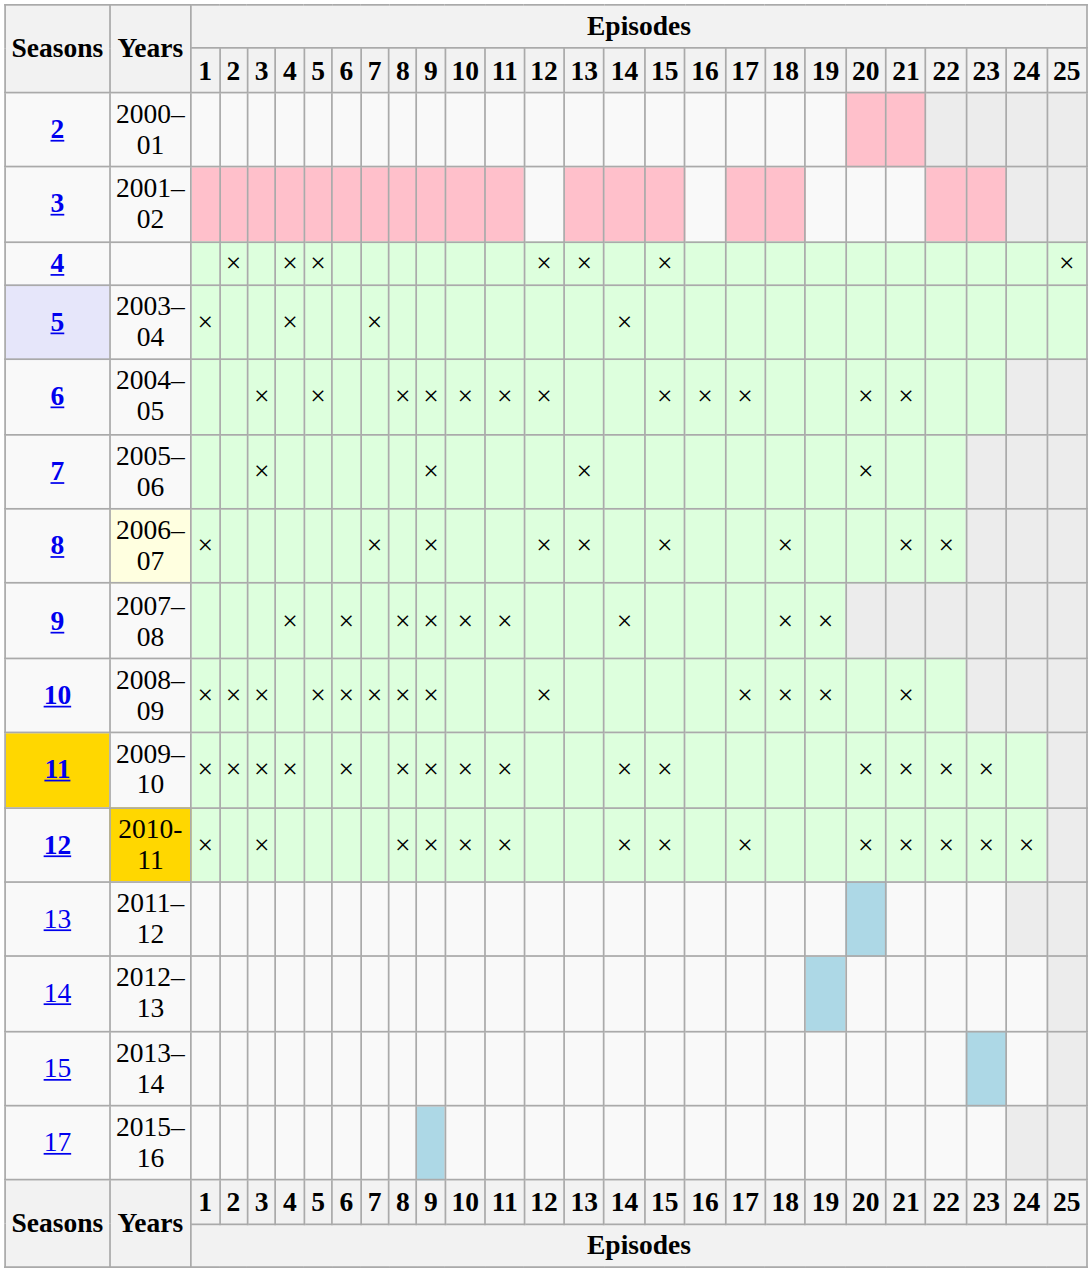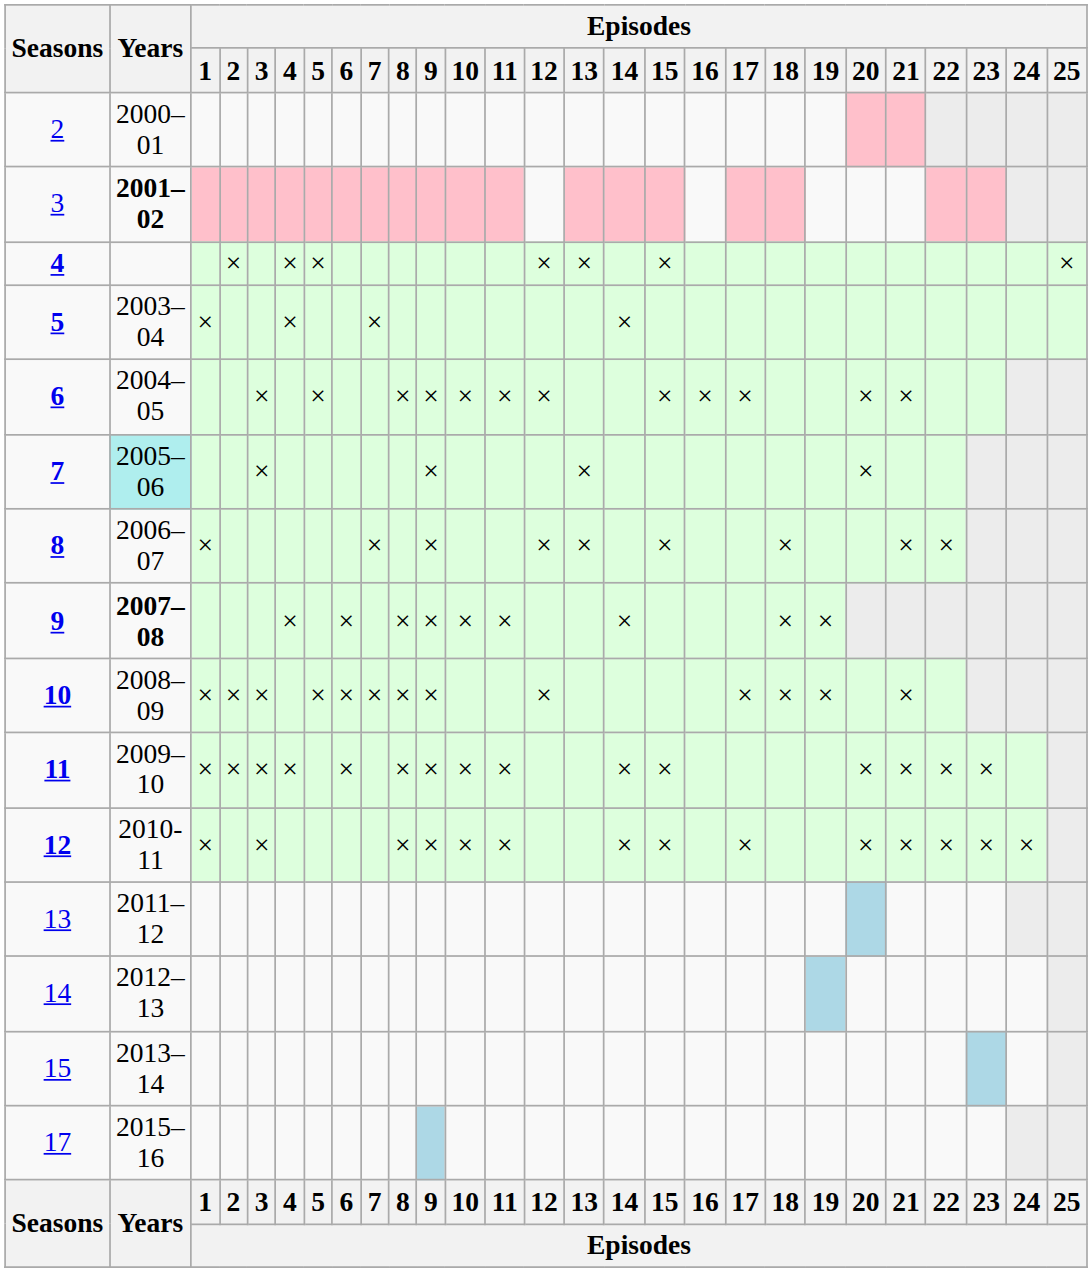 <table class="wikitable" style="text-align:center; margin:auto; width:5%;">
 <tr>
 <th colspan="1" rowspan="2" style="text-align:center;">Seasons</th>
 <th colspan="1" rowspan="2" style="text-align:center;">Years</th>
 <th colspan="25"  style="text-align:center;">Episodes</th>
 </tr>
 <tr>
 <th colspan="1" style="text-align:center;">1</th>
 <th colspan="1" style="text-align:center;">2</th>
 <th colspan="1" style="text-align:center;">3</th>
 <th colspan="1" style="text-align:center;">4</th>
 <th colspan="1" style="text-align:center;">5</th>
 <th colspan="1" style="text-align:center;">6</th>
 <th colspan="1" style="text-align:center;">7</th>
 <th colspan="1" style="text-align:center;">8</th>
 <th colspan="1" style="text-align:center;">9</th>
 <th colspan="1" style="text-align:center;">10</th>
 <th colspan="1" style="text-align:center;">11</th>
 <th colspan="1" style="text-align:center;">12</th>
 <th colspan="1" style="text-align:center;">13</th>
 <th colspan="1" style="text-align:center;">14</th>
 <th colspan="1" style="text-align:center;">15</th>
 <th colspan="1" style="text-align:center;">16</th>
 <th colspan="1" style="text-align:center;">17</th>
 <th colspan="1" style="text-align:center;">18</th>
 <th colspan="1" style="text-align:center;">19</th>
 <th colspan="1" style="text-align:center;">20</th>
 <th colspan="1" style="text-align:center;">21</th>
 <th colspan="1" style="text-align:center;">22</th>
 <th colspan="1" style="text-align:center;">23</th>
 <th colspan="1" style="text-align:center;">24</th>
 <th colspan="1" style="text-align:center;">25</th>
 </tr>
 <tr>
-<td><strong><a href='#'>2</a></strong></td>
+<td><a href='#'>2</a></td>
 <td>2000–01</td>
 <td></td>
 <td></td>
 <td></td>
 <td></td>
 <td></td>
 <td></td>
 <td></td>
 <td></td>
 <td></td>
 <td></td>
 <td></td>
 <td></td>
 <td></td>
 <td></td>
 <td></td>
 <td></td>
 <td></td>
 <td></td>
 <td></td>
 <td style="background:pink;"></td>
 <td style="background:pink;"></td>
 <td colspan="1" style="background:#ececec; color:gray; vertical-align:middle; text-align:center;" class="table-na"></td>
 <td colspan="1" style="background:#ececec; color:gray; vertical-align:middle; text-align:center;" class="table-na"></td>
 <td colspan="1" style="background:#ececec; color:gray; vertical-align:middle; text-align:center;" class="table-na"></td>
 <td colspan="1" style="background:#ececec; color:gray; vertical-align:middle; text-align:center;" class="table-na"></td>
 </tr>
 <tr>
-<td><strong><a href='#'>3</a></strong></td>
-<td>2001–02</td>
+<td><a href='#'>3</a></td>
+<td><strong>2001–02</strong></td>
 <td style="background:pink;"></td>
 <td style="background:pink;"></td>
 <td style="background:pink;"></td>
 <td style="background:pink;"></td>
 <td style="background:pink;"></td>
 <td style="background:pink;"></td>
 <td style="background:pink;"></td>
 <td style="background:pink;"></td>
 <td style="background:pink;"></td>
 <td style="background:pink;"></td>
 <td style="background:pink;"></td>
 <td></td>
 <td style="background:pink;"></td>
 <td style="background:pink;"></td>
 <td style="background:pink;"></td>
 <td></td>
 <td style="background:pink;"></td>
 <td style="background:pink;"></td>
 <td></td>
 <td></td>
 <td></td>
 <td style="background:pink;"></td>
 <td style="background:pink;"></td>
 <td colspan="1" style="background:#ececec; color:gray; vertical-align:middle; text-align:center;" class="table-na"></td>
 <td colspan="1" style="background:#ececec; color:gray; vertical-align:middle; text-align:center;" class="table-na"></td>
 </tr>
 <tr>
 <td><strong><a href='#'>4</a></strong></td>
 <td></td>
 <td colspan="1" style="background:#dfd; text-align:center;"></td>
 <td colspan="1" style="background:#dfd; text-align:center;">×</td>
 <td colspan="1" style="background:#dfd; text-align:center;"></td>
 <td colspan="1" style="background:#dfd; text-align:center;">×</td>
 <td colspan="1" style="background:#dfd; text-align:center;">×</td>
 <td colspan="1" style="background:#dfd; text-align:center;"></td>
 <td colspan="1" style="background:#dfd; text-align:center;"></td>
 <td colspan="1" style="background:#dfd; text-align:center;"></td>
 <td colspan="1" style="background:#dfd; text-align:center;"></td>
 <td colspan="1" style="background:#dfd; text-align:center;"></td>
 <td colspan="1" style="background:#dfd; text-align:center;"></td>
 <td colspan="1" style="background:#dfd; text-align:center;">×</td>
 <td colspan="1" style="background:#dfd; text-align:center;">×</td>
 <td colspan="1" style="background:#dfd; text-align:center;"></td>
 <td colspan="1" style="background:#dfd; text-align:center;">×</td>
 <td colspan="1" style="background:#dfd; text-align:center;"></td>
 <td colspan="1" style="background:#dfd; text-align:center;"></td>
 <td colspan="1" style="background:#dfd; text-align:center;"></td>
 <td colspan="1" style="background:#dfd; text-align:center;"></td>
 <td colspan="1" style="background:#dfd; text-align:center;"></td>
 <td colspan="1" style="background:#dfd; text-align:center;"></td>
 <td colspan="1" style="background:#dfd; text-align:center;"></td>
 <td colspan="1" style="background:#dfd; text-align:center;"></td>
 <td colspan="1" style="background:#dfd; text-align:center;"></td>
 <td colspan="1" style="background:#dfd; text-align:center;">×</td>
 </tr>
 <tr>
-<td style="background: lavender;"><strong><a href='#'>5</a></strong></td>
+<td><strong><a href='#'>5</a></strong></td>
 <td>2003–04</td>
 <td colspan="1" style="background:#dfd; text-align:center;">×</td>
 <td colspan="1" style="background:#dfd; text-align:center;"></td>
 <td colspan="1" style="background:#dfd; text-align:center;"></td>
 <td colspan="1" style="background:#dfd; text-align:center;">×</td>
 <td colspan="1" style="background:#dfd; text-align:center;"></td>
 <td colspan="1" style="background:#dfd; text-align:center;"></td>
 <td colspan="1" style="background:#dfd; text-align:center;">×</td>
 <td colspan="1" style="background:#dfd; text-align:center;"></td>
 <td colspan="1" style="background:#dfd; text-align:center;"></td>
 <td colspan="1" style="background:#dfd; text-align:center;"></td>
 <td colspan="1" style="background:#dfd; text-align:center;"></td>
 <td colspan="1" style="background:#dfd; text-align:center;"></td>
 <td colspan="1" style="background:#dfd; text-align:center;"></td>
 <td colspan="1" style="background:#dfd; text-align:center;">×</td>
 <td colspan="1" style="background:#dfd; text-align:center;"></td>
 <td colspan="1" style="background:#dfd; text-align:center;"></td>
 <td colspan="1" style="background:#dfd; text-align:center;"></td>
 <td colspan="1" style="background:#dfd; text-align:center;"></td>
 <td colspan="1" style="background:#dfd; text-align:center;"></td>
 <td colspan="1" style="background:#dfd; text-align:center;"></td>
 <td colspan="1" style="background:#dfd; text-align:center;"></td>
 <td colspan="1" style="background:#dfd; text-align:center;"></td>
 <td colspan="1" style="background:#dfd; text-align:center;"></td>
 <td colspan="1" style="background:#dfd; text-align:center;"></td>
 <td colspan="1" style="background:#dfd; text-align:center;"></td>
 </tr>
 <tr>
 <td><strong><a href='#'>6</a></strong></td>
 <td>2004–05</td>
 <td colspan="1" style="background:#dfd; text-align:center;"></td>
 <td colspan="1" style="background:#dfd; text-align:center;"></td>
 <td colspan="1" style="background:#dfd; text-align:center;">×</td>
 <td colspan="1" style="background:#dfd; text-align:center;"></td>
 <td colspan="1" style="background:#dfd; text-align:center;">×</td>
 <td colspan="1" style="background:#dfd; text-align:center;"></td>
 <td colspan="1" style="background:#dfd; text-align:center;"></td>
 <td colspan="1" style="background:#dfd; text-align:center;">×</td>
 <td colspan="1" style="background:#dfd; text-align:center;">×</td>
 <td colspan="1" style="background:#dfd; text-align:center;">×</td>
 <td colspan="1" style="background:#dfd; text-align:center;">×</td>
 <td colspan="1" style="background:#dfd; text-align:center;">×</td>
 <td colspan="1" style="background:#dfd; text-align:center;"></td>
 <td colspan="1" style="background:#dfd; text-align:center;"></td>
 <td colspan="1" style="background:#dfd; text-align:center;">×</td>
 <td colspan="1" style="background:#dfd; text-align:center;">×</td>
 <td colspan="1" style="background:#dfd; text-align:center;">×</td>
 <td colspan="1" style="background:#dfd; text-align:center;"></td>
 <td colspan="1" style="background:#dfd; text-align:center;"></td>
 <td colspan="1" style="background:#dfd; text-align:center;">×</td>
 <td colspan="1" style="background:#dfd; text-align:center;">×</td>
 <td colspan="1" style="background:#dfd; text-align:center;"></td>
 <td colspan="1" style="background:#dfd; text-align:center;"></td>
 <td colspan="1" style="background:#ececec; color:gray; vertical-align:middle; text-align:center;" class="table-na"></td>
 <td colspan="1" style="background:#ececec; color:gray; vertical-align:middle; text-align:center;" class="table-na"></td>
 </tr>
 <tr>
 <td><strong><a href='#'>7</a></strong></td>
-<td>2005–06</td>
+<td style="background: paleturquoise;">2005–06</td>
 <td colspan="1" style="background:#dfd; text-align:center;"></td>
 <td colspan="1" style="background:#dfd; text-align:center;"></td>
 <td colspan="1" style="background:#dfd; text-align:center;">×</td>
 <td colspan="1" style="background:#dfd; text-align:center;"></td>
 <td colspan="1" style="background:#dfd; text-align:center;"></td>
 <td colspan="1" style="background:#dfd; text-align:center;"></td>
 <td colspan="1" style="background:#dfd; text-align:center;"></td>
 <td colspan="1" style="background:#dfd; text-align:center;"></td>
 <td colspan="1" style="background:#dfd; text-align:center;">×</td>
 <td colspan="1" style="background:#dfd; text-align:center;"></td>
 <td colspan="1" style="background:#dfd; text-align:center;"></td>
 <td colspan="1" style="background:#dfd; text-align:center;"></td>
 <td colspan="1" style="background:#dfd; text-align:center;">×</td>
 <td colspan="1" style="background:#dfd; text-align:center;"></td>
 <td colspan="1" style="background:#dfd; text-align:center;"></td>
 <td colspan="1" style="background:#dfd; text-align:center;"></td>
 <td colspan="1" style="background:#dfd; text-align:center;"></td>
 <td colspan="1" style="background:#dfd; text-align:center;"></td>
 <td colspan="1" style="background:#dfd; text-align:center;"></td>
 <td colspan="1" style="background:#dfd; text-align:center;">×</td>
 <td colspan="1" style="background:#dfd; text-align:center;"></td>
 <td colspan="1" style="background:#dfd; text-align:center;"></td>
 <td colspan="1" style="background:#ececec; color:gray; vertical-align:middle; text-align:center;" class="table-na"></td>
 <td colspan="1" style="background:#ececec; color:gray; vertical-align:middle; text-align:center;" class="table-na"></td>
 <td colspan="1" style="background:#ececec; color:gray; vertical-align:middle; text-align:center;" class="table-na"></td>
 </tr>
 <tr>
 <td><strong><a href='#'>8</a></strong></td>
-<td style="background: lightyellow;">2006–07</td>
+<td>2006–07</td>
 <td colspan="1" style="background:#dfd; text-align:center;">×</td>
 <td colspan="1" style="background:#dfd; text-align:center;"></td>
 <td colspan="1" style="background:#dfd; text-align:center;"></td>
 <td colspan="1" style="background:#dfd; text-align:center;"></td>
 <td colspan="1" style="background:#dfd; text-align:center;"></td>
 <td colspan="1" style="background:#dfd; text-align:center;"></td>
 <td colspan="1" style="background:#dfd; text-align:center;">×</td>
 <td colspan="1" style="background:#dfd; text-align:center;"></td>
 <td colspan="1" style="background:#dfd; text-align:center;">×</td>
 <td colspan="1" style="background:#dfd; text-align:center;"></td>
 <td colspan="1" style="background:#dfd; text-align:center;"></td>
 <td colspan="1" style="background:#dfd; text-align:center;">×</td>
 <td colspan="1" style="background:#dfd; text-align:center;">×</td>
 <td colspan="1" style="background:#dfd; text-align:center;"></td>
 <td colspan="1" style="background:#dfd; text-align:center;">×</td>
 <td colspan="1" style="background:#dfd; text-align:center;"></td>
 <td colspan="1" style="background:#dfd; text-align:center;"></td>
 <td colspan="1" style="background:#dfd; text-align:center;">×</td>
 <td colspan="1" style="background:#dfd; text-align:center;"></td>
 <td colspan="1" style="background:#dfd; text-align:center;"></td>
 <td colspan="1" style="background:#dfd; text-align:center;">×</td>
 <td colspan="1" style="background:#dfd; text-align:center;">×</td>
 <td colspan="1" style="background:#ececec; color:gray; vertical-align:middle; text-align:center;" class="table-na"></td>
 <td colspan="1" style="background:#ececec; color:gray; vertical-align:middle; text-align:center;" class="table-na"></td>
 <td colspan="1" style="background:#ececec; color:gray; vertical-align:middle; text-align:center;" class="table-na"></td>
 </tr>
 <tr>
 <td><strong><a href='#'>9</a></strong></td>
-<td>2007–08</td>
+<td><strong>2007–08</strong></td>
 <td colspan="1" style="background:#dfd; text-align:center;"></td>
 <td colspan="1" style="background:#dfd; text-align:center;"></td>
 <td colspan="1" style="background:#dfd; text-align:center;"></td>
 <td colspan="1" style="background:#dfd; text-align:center;">×</td>
 <td colspan="1" style="background:#dfd; text-align:center;"></td>
 <td colspan="1" style="background:#dfd; text-align:center;">×</td>
 <td colspan="1" style="background:#dfd; text-align:center;"></td>
 <td colspan="1" style="background:#dfd; text-align:center;">×</td>
 <td colspan="1" style="background:#dfd; text-align:center;">×</td>
 <td colspan="1" style="background:#dfd; text-align:center;">×</td>
 <td colspan="1" style="background:#dfd; text-align:center;">×</td>
 <td colspan="1" style="background:#dfd; text-align:center;"></td>
 <td colspan="1" style="background:#dfd; text-align:center;"></td>
 <td colspan="1" style="background:#dfd; text-align:center;">×</td>
 <td colspan="1" style="background:#dfd; text-align:center;"></td>
 <td colspan="1" style="background:#dfd; text-align:center;"></td>
 <td colspan="1" style="background:#dfd; text-align:center;"></td>
 <td colspan="1" style="background:#dfd; text-align:center;">×</td>
 <td colspan="1" style="background:#dfd; text-align:center;">×</td>
 <td colspan="1" style="background:#ececec; color:gray; vertical-align:middle; text-align:center;" class="table-na"></td>
 <td colspan="1" style="background:#ececec; color:gray; vertical-align:middle; text-align:center;" class="table-na"></td>
 <td colspan="1" style="background:#ececec; color:gray; vertical-align:middle; text-align:center;" class="table-na"></td>
 <td colspan="1" style="background:#ececec; color:gray; vertical-align:middle; text-align:center;" class="table-na"></td>
 <td colspan="1" style="background:#ececec; color:gray; vertical-align:middle; text-align:center;" class="table-na"></td>
 <td colspan="1" style="background:#ececec; color:gray; vertical-align:middle; text-align:center;" class="table-na"></td>
 </tr>
 <tr>
 <td><strong><a href='#'>10</a></strong></td>
 <td>2008–09</td>
 <td colspan="1" style="background:#dfd; text-align:center;">×</td>
 <td colspan="1" style="background:#dfd; text-align:center;">×</td>
 <td colspan="1" style="background:#dfd; text-align:center;">×</td>
 <td colspan="1" style="background:#dfd; text-align:center;"></td>
 <td colspan="1" style="background:#dfd; text-align:center;">×</td>
 <td colspan="1" style="background:#dfd; text-align:center;">×</td>
 <td colspan="1" style="background:#dfd; text-align:center;">×</td>
 <td colspan="1" style="background:#dfd; text-align:center;">×</td>
 <td colspan="1" style="background:#dfd; text-align:center;">×</td>
 <td colspan="1" style="background:#dfd; text-align:center;"></td>
 <td colspan="1" style="background:#dfd; text-align:center;"></td>
 <td colspan="1" style="background:#dfd; text-align:center;">×</td>
 <td colspan="1" style="background:#dfd; text-align:center;"></td>
 <td colspan="1" style="background:#dfd; text-align:center;"></td>
 <td colspan="1" style="background:#dfd; text-align:center;"></td>
 <td colspan="1" style="background:#dfd; text-align:center;"></td>
 <td colspan="1" style="background:#dfd; text-align:center;">×</td>
 <td colspan="1" style="background:#dfd; text-align:center;">×</td>
 <td colspan="1" style="background:#dfd; text-align:center;">×</td>
 <td colspan="1" style="background:#dfd; text-align:center;"></td>
 <td colspan="1" style="background:#dfd; text-align:center;">×</td>
 <td colspan="1" style="background:#dfd; text-align:center;"></td>
 <td colspan="1" style="background:#ececec; color:gray; vertical-align:middle; text-align:center;" class="table-na"></td>
 <td colspan="1" style="background:#ececec; color:gray; vertical-align:middle; text-align:center;" class="table-na"></td>
 <td colspan="1" style="background:#ececec; color:gray; vertical-align:middle; text-align:center;" class="table-na"></td>
 </tr>
 <tr>
-<td style="background: gold;"><strong><a href='#'>11</a></strong></td>
+<td><strong><a href='#'>11</a></strong></td>
 <td>2009–10</td>
 <td colspan="1" style="background:#dfd; text-align:center;">×</td>
 <td colspan="1" style="background:#dfd; text-align:center;">×</td>
 <td colspan="1" style="background:#dfd; text-align:center;">×</td>
 <td colspan="1" style="background:#dfd; text-align:center;">×</td>
 <td colspan="1" style="background:#dfd; text-align:center;"></td>
 <td colspan="1" style="background:#dfd; text-align:center;">×</td>
 <td colspan="1" style="background:#dfd; text-align:center;"></td>
 <td colspan="1" style="background:#dfd; text-align:center;">×</td>
 <td colspan="1" style="background:#dfd; text-align:center;">×</td>
 <td colspan="1" style="background:#dfd; text-align:center;">×</td>
 <td colspan="1" style="background:#dfd; text-align:center;">×</td>
 <td colspan="1" style="background:#dfd; text-align:center;"></td>
 <td colspan="1" style="background:#dfd; text-align:center;"></td>
 <td colspan="1" style="background:#dfd; text-align:center;">×</td>
 <td colspan="1" style="background:#dfd; text-align:center;">×</td>
 <td colspan="1" style="background:#dfd; text-align:center;"></td>
 <td colspan="1" style="background:#dfd; text-align:center;"></td>
 <td colspan="1" style="background:#dfd; text-align:center;"></td>
 <td colspan="1" style="background:#dfd; text-align:center;"></td>
 <td colspan="1" style="background:#dfd; text-align:center;">×</td>
 <td colspan="1" style="background:#dfd; text-align:center;">×</td>
 <td colspan="1" style="background:#dfd; text-align:center;">×</td>
 <td colspan="1" style="background:#dfd; text-align:center;">×</td>
 <td colspan="1" style="background:#dfd; text-align:center;"></td>
 <td colspan="1" style="background:#ececec; color:gray; vertical-align:middle; text-align:center;" class="table-na"></td>
 </tr>
 <tr>
 <td><strong><a href='#'>12</a></strong></td>
-<td style="background: gold;">2010-11</td>
+<td>2010-11</td>
 <td colspan="1" style="background:#dfd; text-align:center;">×</td>
 <td colspan="1" style="background:#dfd; text-align:center;"></td>
 <td colspan="1" style="background:#dfd; text-align:center;">×</td>
 <td colspan="1" style="background:#dfd; text-align:center;"></td>
 <td colspan="1" style="background:#dfd; text-align:center;"></td>
 <td colspan="1" style="background:#dfd; text-align:center;"></td>
 <td colspan="1" style="background:#dfd; text-align:center;"></td>
 <td colspan="1" style="background:#dfd; text-align:center;">×</td>
 <td colspan="1" style="background:#dfd; text-align:center;">×</td>
 <td colspan="1" style="background:#dfd; text-align:center;">×</td>
 <td colspan="1" style="background:#dfd; text-align:center;">×</td>
 <td colspan="1" style="background:#dfd; text-align:center;"></td>
 <td colspan="1" style="background:#dfd; text-align:center;"></td>
 <td colspan="1" style="background:#dfd; text-align:center;">×</td>
 <td colspan="1" style="background:#dfd; text-align:center;">×</td>
 <td colspan="1" style="background:#dfd; text-align:center;"></td>
 <td colspan="1" style="background:#dfd; text-align:center;">×</td>
 <td colspan="1" style="background:#dfd; text-align:center;"></td>
 <td colspan="1" style="background:#dfd; text-align:center;"></td>
 <td colspan="1" style="background:#dfd; text-align:center;">×</td>
 <td colspan="1" style="background:#dfd; text-align:center;">×</td>
 <td colspan="1" style="background:#dfd; text-align:center;">×</td>
 <td colspan="1" style="background:#dfd; text-align:center;">×</td>
 <td colspan="1" style="background:#dfd; text-align:center;">×</td>
 <td colspan="1" style="background:#ececec; color:gray; vertical-align:middle; text-align:center;" class="table-na"></td>
 </tr>
 <tr>
 <td><a href='#'>13</a></td>
 <td>2011–12</td>
 <td></td>
 <td></td>
 <td></td>
 <td></td>
 <td></td>
 <td></td>
 <td></td>
 <td></td>
 <td></td>
 <td></td>
 <td></td>
 <td></td>
 <td></td>
 <td></td>
 <td></td>
 <td></td>
 <td></td>
 <td></td>
 <td></td>
 <td style="background:lightblue;"></td>
 <td></td>
 <td></td>
 <td></td>
 <td style="background:#ececec; color:gray; vertical-align:middle;" class="table-na"></td>
 <td style="background:#ececec; color:gray; vertical-align:middle;" class="table-na"></td>
 </tr>
 <tr>
 <td><a href='#'>14</a></td>
 <td>2012–13</td>
 <td></td>
 <td></td>
 <td></td>
 <td></td>
 <td></td>
 <td></td>
 <td></td>
 <td></td>
 <td></td>
 <td></td>
 <td></td>
 <td></td>
 <td></td>
 <td></td>
 <td></td>
 <td></td>
 <td></td>
 <td></td>
 <td style="background:lightblue;"></td>
 <td></td>
 <td></td>
 <td></td>
 <td></td>
 <td></td>
 <td style="background:#ececec; color:gray; vertical-align:middle;" class="table-na"></td>
 </tr>
 <tr>
 <td><a href='#'>15</a></td>
 <td>2013–14</td>
 <td></td>
 <td></td>
 <td></td>
 <td></td>
 <td></td>
 <td></td>
 <td></td>
 <td></td>
 <td></td>
 <td></td>
 <td></td>
 <td></td>
 <td></td>
 <td></td>
 <td></td>
 <td></td>
 <td></td>
 <td></td>
 <td></td>
 <td></td>
 <td></td>
 <td></td>
 <td style="background:lightblue;"></td>
 <td></td>
 <td style="background:#ececec; color:gray; vertical-align:middle;" class="table-na"></td>
 </tr>
 <tr>
 <td><a href='#'>17</a></td>
 <td>2015–16</td>
 <td></td>
 <td></td>
 <td></td>
 <td></td>
 <td></td>
 <td></td>
 <td></td>
 <td></td>
 <td style="background:lightblue;"></td>
 <td></td>
 <td></td>
 <td></td>
 <td></td>
 <td></td>
 <td></td>
 <td></td>
 <td></td>
 <td></td>
 <td></td>
 <td></td>
 <td></td>
 <td></td>
 <td></td>
 <td style="background:#ececec; color:gray; vertical-align:middle;" class="table-na"></td>
 <td style="background:#ececec; color:gray; vertical-align:middle;" class="table-na"></td>
 </tr>
 <tr>
 <th rowspan="2" colspan="1" style="text-align:center;">Seasons</th>
 <th colspan="1" rowspan="2" style="text-align:center;">Years</th>
 <th colspan="1" style="text-align:center;">1</th>
 <th colspan="1" style="text-align:center;">2</th>
 <th colspan="1" style="text-align:center;">3</th>
 <th colspan="1" style="text-align:center;">4</th>
 <th colspan="1" style="text-align:center;">5</th>
 <th colspan="1" style="text-align:center;">6</th>
 <th colspan="1" style="text-align:center;">7</th>
 <th colspan="1" style="text-align:center;">8</th>
 <th colspan="1" style="text-align:center;">9</th>
 <th colspan="1" style="text-align:center;">10</th>
 <th colspan="1" style="text-align:center;">11</th>
 <th colspan="1" style="text-align:center;">12</th>
 <th colspan="1" style="text-align:center;">13</th>
 <th colspan="1" style="text-align:center;">14</th>
 <th colspan="1" style="text-align:center;">15</th>
 <th colspan="1" style="text-align:center;">16</th>
 <th colspan="1" style="text-align:center;">17</th>
 <th colspan="1" style="text-align:center;">18</th>
 <th colspan="1" style="text-align:center;">19</th>
 <th colspan="1" style="text-align:center;">20</th>
 <th colspan="1" style="text-align:center;">21</th>
 <th colspan="1" style="text-align:center;">22</th>
 <th colspan="1" style="text-align:center;">23</th>
 <th colspan="1" style="text-align:center;">24</th>
 <th colspan="1" style="text-align:center;">25</th>
 </tr>
 <tr>
 <th colspan="25"  style="text-align:center;">Episodes</th>
 </tr>
 <tr>
 </tr>
 </table>
